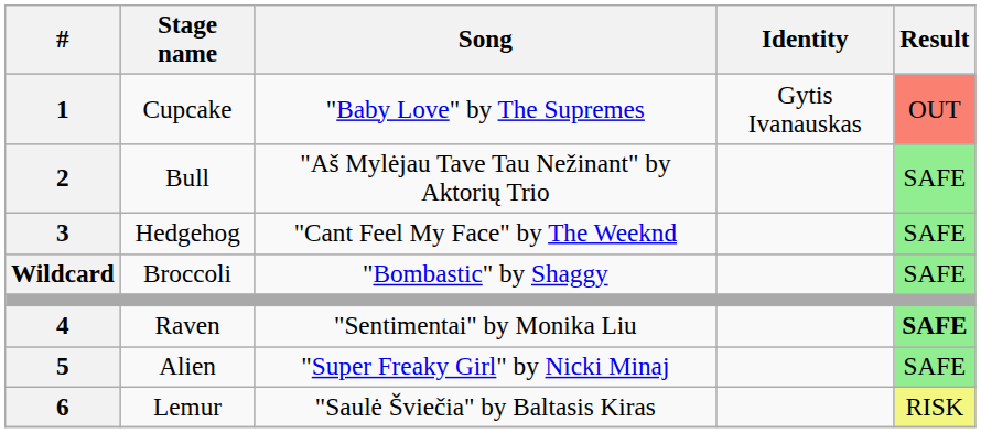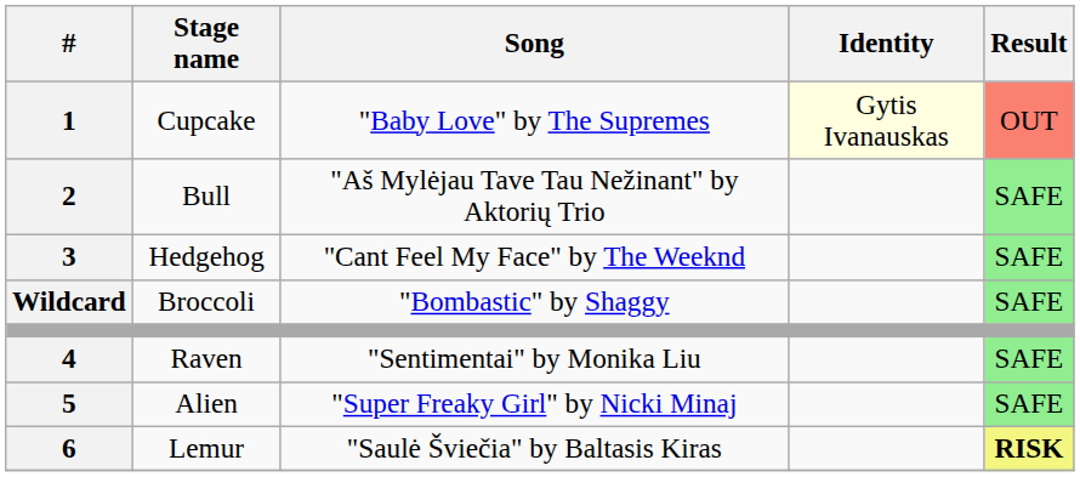 <table class="wikitable plainrowheaders" style="text-align: center;">
 <tr>
 <th>#</th>
 <th>Stage name</th>
 <th>Song</th>
 <th>Identity</th>
 <th>Result</th>
 </tr>
 <tr>
 <th>1</th>
 <td>Cupcake</td>
 <td>"<a href='#'>Baby Love</a>" by <a href='#'>The Supremes</a></td>
-<td>Gytis Ivanauskas</td>
+<td style="background: lightyellow;">Gytis Ivanauskas</td>
 <td bgcolor="salmon">OUT</td>
 </tr>
 <tr>
 <th>2</th>
 <td>Bull</td>
 <td>"Aš Mylėjau Tave Tau Nežinant" by Aktorių Trio</td>
 <td></td>
 <td bgcolor="lightgreen">SAFE</td>
 </tr>
 <tr>
 <th>3</th>
 <td>Hedgehog</td>
 <td>"Cant Feel My Face" by <a href='#'>The Weeknd</a></td>
 <td></td>
 <td bgcolor="lightgreen">SAFE</td>
 </tr>
 <tr>
 <th>Wildcard</th>
 <td>Broccoli</td>
 <td>"<a href='#'>Bombastic</a>" by <a href='#'>Shaggy</a></td>
 <td></td>
 <td bgcolor="lightgreen">SAFE</td>
 </tr>
 <tr>
 <td colspan="5" style="background:darkgray"></td>
 </tr>
 <tr>
 <th>4</th>
 <td>Raven</td>
 <td>"Sentimentai" by Monika Liu</td>
 <td></td>
-<td bgcolor="lightgreen"><strong>SAFE</strong></td>
+<td bgcolor="lightgreen">SAFE</td>
 </tr>
 <tr>
 <th>5</th>
 <td>Alien</td>
 <td>"<a href='#'>Super Freaky Girl</a>" by <a href='#'>Nicki Minaj</a></td>
 <td></td>
 <td bgcolor="lightgreen">SAFE</td>
 </tr>
 <tr>
 <th>6</th>
 <td>Lemur</td>
 <td>"Saulė Šviečia" by Baltasis Kiras</td>
 <td></td>
-<td bgcolor="#F3F781">RISK</td>
+<td bgcolor="#F3F781"><strong>RISK</strong></td>
 </tr>
 <tr>
 </tr>
 </table>
